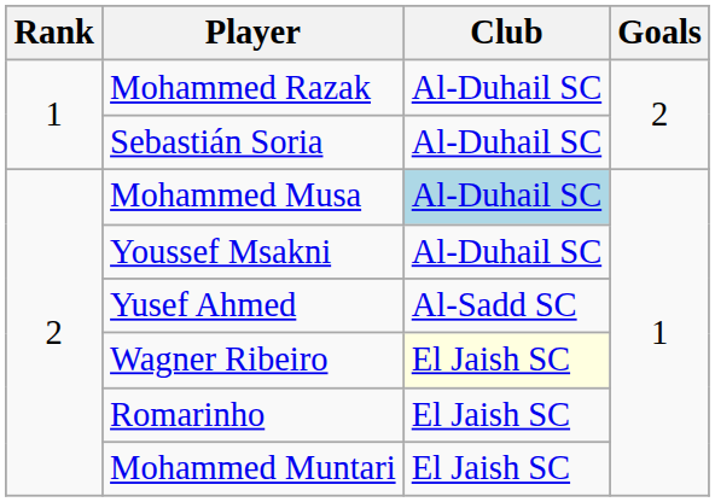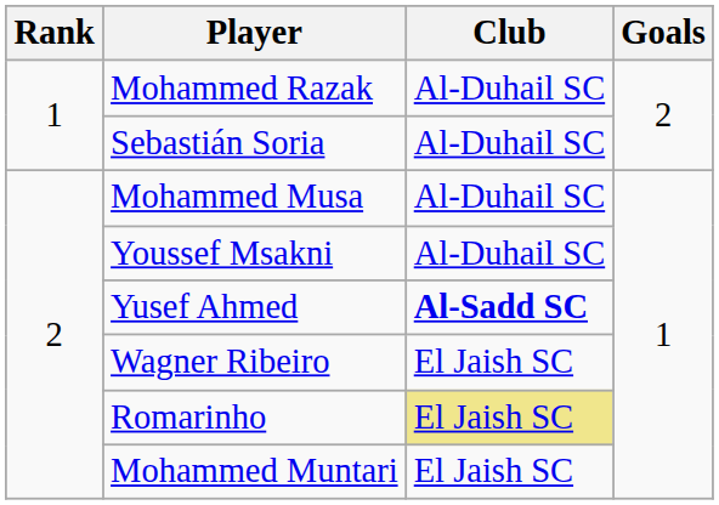 <table class="wikitable sortable" style="text-align:center">
 <tr>
 <th>Rank</th>
 <th>Player</th>
 <th>Club</th>
 <th>Goals</th>
 </tr>
 <tr>
 <td rowspan="2">1</td>
 <td align="left"> <a href='#'>Mohammed Razak</a></td>
 <td align="left"><a href='#'>Al-Duhail SC</a></td>
 <td rowspan="2">2</td>
 </tr>
 <tr>
 <td align="left"> <a href='#'>Sebastián Soria</a></td>
 <td align="left"><a href='#'>Al-Duhail SC</a></td>
 </tr>
 <tr>
 <td rowspan="6">2</td>
 <td align="left"> <a href='#'>Mohammed Musa</a></td>
-<td align="left" style="background: lightblue;"><a href='#'>Al-Duhail SC</a></td>
+<td align="left"><a href='#'>Al-Duhail SC</a></td>
 <td rowspan="6">1</td>
 </tr>
 <tr>
 <td align="left"> <a href='#'>Youssef Msakni</a></td>
 <td align="left"><a href='#'>Al-Duhail SC</a></td>
 </tr>
 <tr>
 <td align="left"> <a href='#'>Yusef Ahmed</a></td>
-<td align="left"><a href='#'>Al-Sadd SC</a></td>
+<td align="left"><strong><a href='#'>Al-Sadd SC</a></strong></td>
 </tr>
 <tr>
 <td align="left"> <a href='#'>Wagner Ribeiro</a></td>
-<td align="left" style="background: lightyellow;"><a href='#'>El Jaish SC</a></td>
+<td align="left"><a href='#'>El Jaish SC</a></td>
 </tr>
 <tr>
 <td align="left"> <a href='#'>Romarinho</a></td>
-<td align="left"><a href='#'>El Jaish SC</a></td>
+<td align="left" style="background: khaki;"><a href='#'>El Jaish SC</a></td>
 </tr>
 <tr>
 <td align="left"> <a href='#'>Mohammed Muntari</a></td>
 <td align="left"><a href='#'>El Jaish SC</a></td>
 </tr>
 </table>
